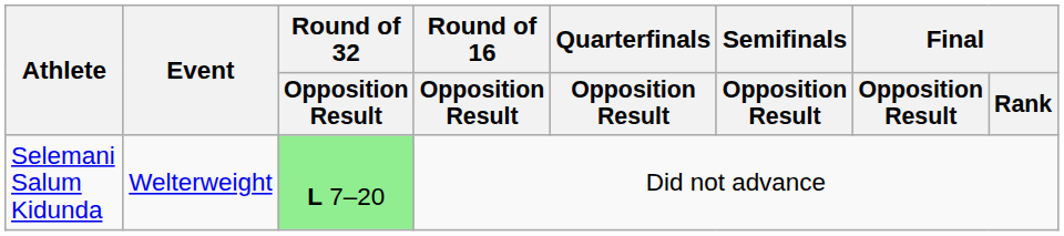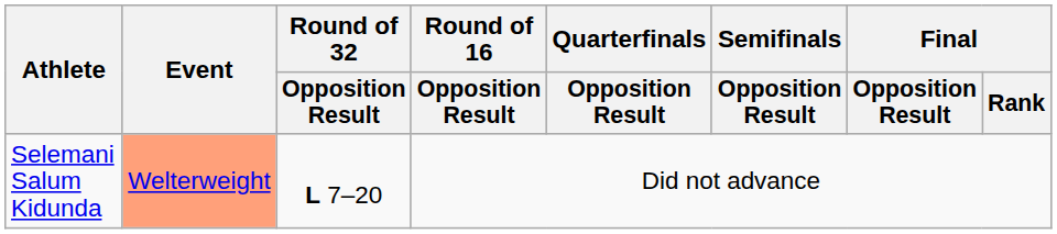 <table class="wikitable" style="font-size:90%">
 <tr>
 <th rowspan="2">Athlete</th>
 <th rowspan="2">Event</th>
 <th>Round of 32</th>
 <th>Round of 16</th>
 <th>Quarterfinals</th>
 <th>Semifinals</th>
 <th colspan=2>Final</th>
 </tr>
 <tr style="font-size:95%">
 <th>Opposition<br>Result</th>
 <th>Opposition<br>Result</th>
 <th>Opposition<br>Result</th>
 <th>Opposition<br>Result</th>
 <th>Opposition<br>Result</th>
 <th>Rank</th>
 </tr>
 <tr align=center>
 <td align=left><a href='#'>Selemani Salum Kidunda</a></td>
-<td align=left><a href='#'>Welterweight</a></td>
-<td style="background: lightgreen;"><br><strong>L</strong> 7–20</td>
+<td align=left style="background: lightsalmon;"><a href='#'>Welterweight</a></td>
+<td><br><strong>L</strong> 7–20</td>
 <td colspan=5>Did not advance</td>
 </tr>
 </table>
